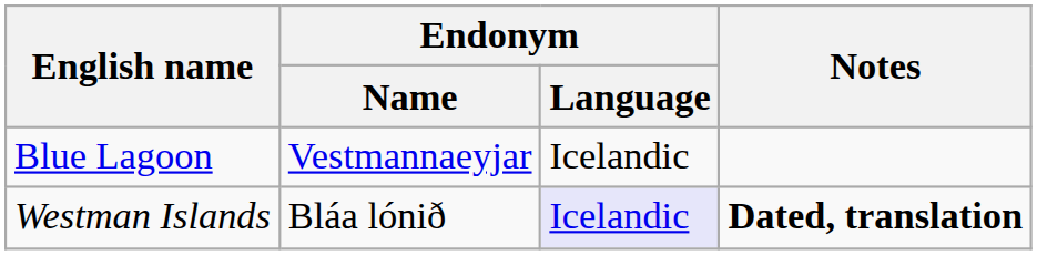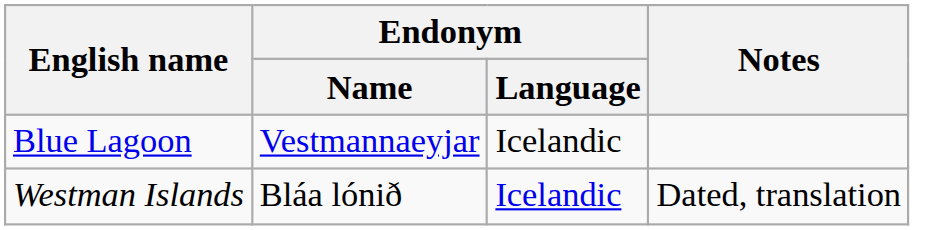 <table class="wikitable sortable mw-collapsible">
 <tr>
 <th rowspan="2">English name</th>
 <th colspan="2">Endonym</th>
 <th rowspan="2">Notes</th>
 </tr>
 <tr>
 <th>Name</th>
 <th>Language</th>
 </tr>
 <tr>
 <td><a href='#'>Blue Lagoon</a></td>
 <td><a href='#'>Vestmannaeyjar</a></td>
 <td>Icelandic</td>
 <td></td>
 </tr>
 <tr>
 <td><em>Westman Islands</em></td>
 <td>Bláa lónið</td>
-<td style="background: lavender;"><a href='#'>Icelandic</a></td>
-<td><strong>Dated, translation</strong></td>
+<td><a href='#'>Icelandic</a></td>
+<td>Dated, translation</td>
 </tr>
 </table>
